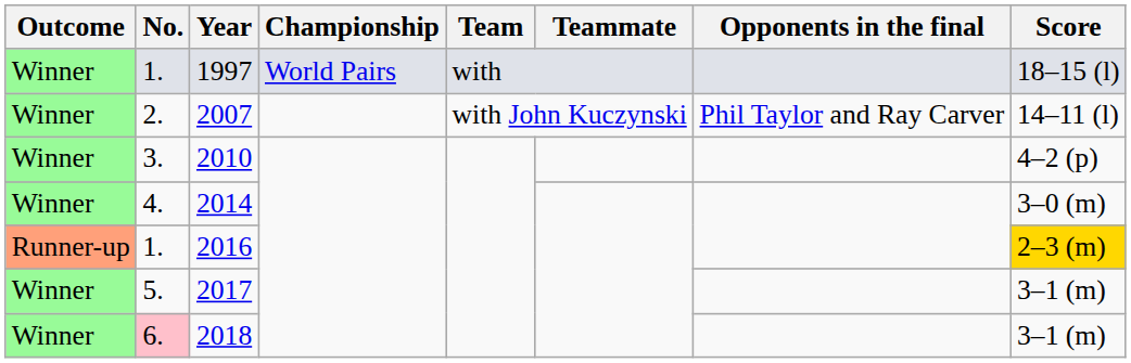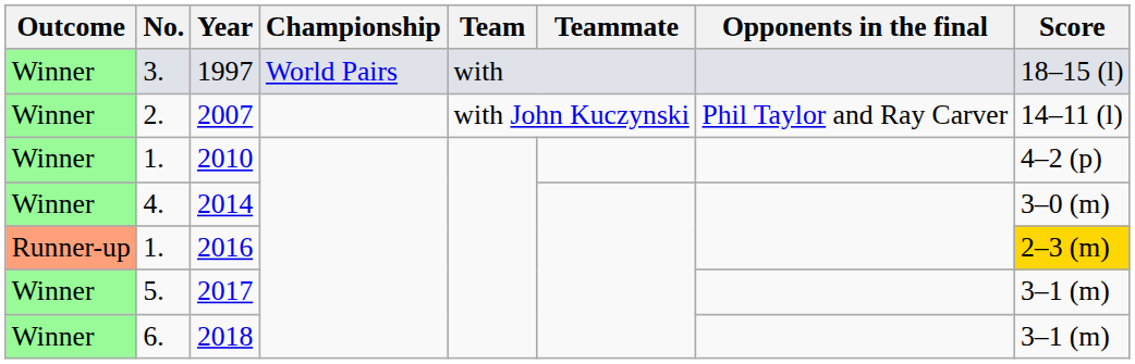 <table class="sortable wikitable">
 <tr>
 <th>Outcome</th>
 <th>No.</th>
 <th>Year</th>
 <th>Championship</th>
 <th>Team</th>
 <th>Teammate</th>
 <th>Opponents in the final</th>
 <th>Score</th>
 </tr>
 <tr style="background:#dfe2e9;">
 <td style="background:#98FB98">Winner</td>
-<td>1.</td>
+<td>3.</td>
 <td>1997</td>
 <td><a href='#'>World Pairs</a></td>
 <td colspan=2>with </td>
 <td></td>
 <td>18–15 (l)</td>
 </tr>
 <tr>
 <td style="background:#98FB98">Winner</td>
 <td>2.</td>
 <td><a href='#'>2007</a></td>
 <td></td>
 <td colspan=2>with  <a href='#'>John Kuczynski</a></td>
 <td> <a href='#'>Phil Taylor</a> and  Ray Carver</td>
 <td>14–11 (l)</td>
 </tr>
 <tr>
 <td style="background:#98FB98">Winner</td>
-<td>3.</td>
+<td>1.</td>
 <td><a href='#'>2010</a></td>
 <td rowspan=5></td>
 <td rowspan=5></td>
 <td></td>
 <td></td>
 <td>4–2 (p)</td>
 </tr>
 <tr>
 <td style="background:#98FB98">Winner</td>
 <td>4.</td>
 <td><a href='#'>2014</a></td>
 <td rowspan=4></td>
 <td rowspan=2></td>
 <td>3–0 (m)</td>
 </tr>
 <tr>
 <td style="background:#ffa07a">Runner-up</td>
 <td>1.</td>
 <td><a href='#'>2016</a></td>
 <td style="background: gold;">2–3 (m)</td>
 </tr>
 <tr>
 <td style="background:#98FB98">Winner</td>
 <td>5.</td>
 <td><a href='#'>2017</a></td>
 <td></td>
 <td>3–1 (m)</td>
 </tr>
 <tr>
 <td style="background:#98FB98">Winner</td>
-<td style="background: pink;">6.</td>
+<td>6.</td>
 <td><a href='#'>2018</a></td>
 <td></td>
 <td>3–1 (m)</td>
 </tr>
 </table>
